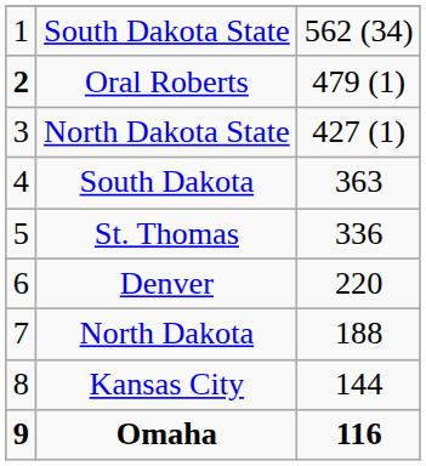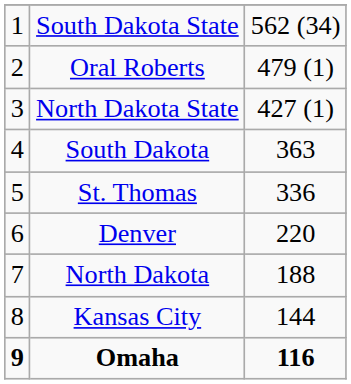 <table class="wikitable">
 <tr align=center>
 </tr>
 <tr align="center">
 <td>1</td>
 <td><a href='#'>South Dakota State</a></td>
 <td>562 (34)</td>
 </tr>
 <tr align="center">
-<td><strong>2</strong></td>
+<td>2</td>
 <td><a href='#'>Oral Roberts</a></td>
 <td>479 (1)</td>
 </tr>
 <tr align="center">
 <td>3</td>
 <td><a href='#'>North Dakota State</a></td>
 <td>427 (1)</td>
 </tr>
 <tr align="center">
 <td>4</td>
 <td><a href='#'>South Dakota</a></td>
 <td>363</td>
 </tr>
 <tr align="center">
 <td>5</td>
 <td><a href='#'>St. Thomas</a></td>
 <td>336</td>
 </tr>
 <tr align="center">
 <td>6</td>
 <td><a href='#'>Denver</a></td>
 <td>220</td>
 </tr>
 <tr align="center">
 <td>7</td>
 <td><a href='#'>North Dakota</a></td>
 <td>188</td>
 </tr>
 <tr align="center">
 <td>8</td>
 <td><a href='#'>Kansas City</a></td>
 <td>144</td>
 </tr>
 <tr align="center">
 <td><strong>9</strong></td>
 <td><strong>Omaha</strong></td>
 <td><strong>116</strong></td>
 </tr>
 </table>
